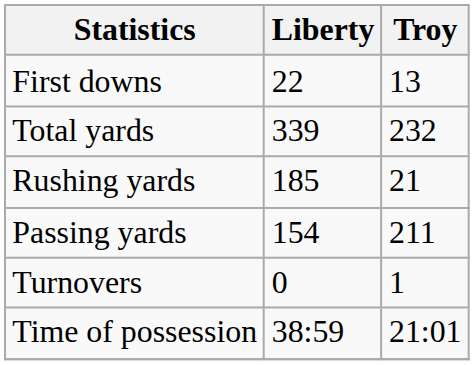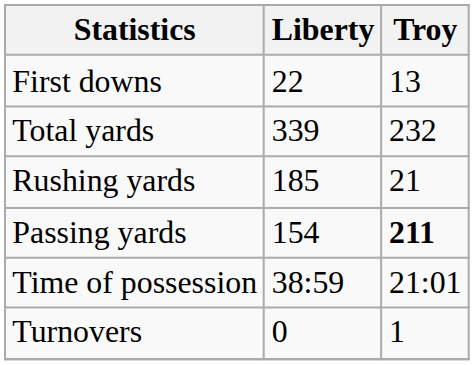 <table class="wikitable">
 <tr>
 <th>Statistics</th>
 <th>Liberty</th>
 <th>Troy</th>
 </tr>
 <tr>
 <td>First downs</td>
 <td>22</td>
 <td>13</td>
 </tr>
 <tr>
 <td>Total yards</td>
 <td>339</td>
 <td>232</td>
 </tr>
 <tr>
 <td>Rushing yards</td>
 <td>185</td>
 <td>21</td>
 </tr>
 <tr>
 <td>Passing yards</td>
 <td>154</td>
-<td>211</td>
+<td><strong>211</strong></td>
+</tr>
+<tr>
+<td>Time of possession</td>
+<td>38:59</td>
+<td>21:01</td>
 </tr>
 <tr>
 <td>Turnovers</td>
 <td>0</td>
 <td>1</td>
 </tr>
 <tr>
-<td>Time of possession</td>
-<td>38:59</td>
-<td>21:01</td>
-</tr>
-<tr>
 </tr>
 </table>
